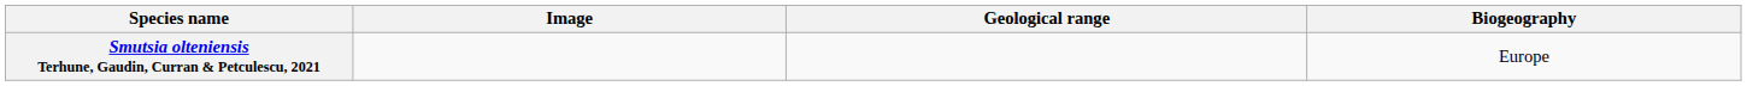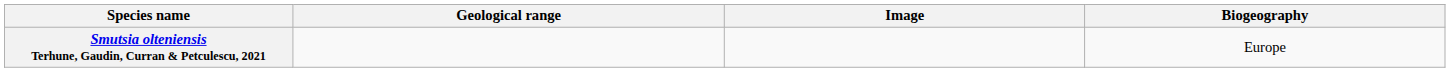 <table class="wikitable" style="width:100%; text-align:center">
 <tr>
 <th scope="col" style="width:20%; min-width:180px;">Species name</th>
+<th scope="col" style="width:30%; min-width:180px;">Geological range</th>
 <th scope="col" style="width:25%;">Image</th>
-<th scope="col" style="width:30%; min-width:180px;">Geological range</th>
 <th scope="col" style="width:25%;">Biogeography</th>
 </tr>
 <tr>
 <th scope="row"><em><a href='#'>Smutsia olteniensis</a></em><br><small>Terhune, Gaudin, Curran & Petculescu, 2021</small></th>
 <td></td>
 <td></td>
 <td>Europe</td>
 </tr>
 </table>
